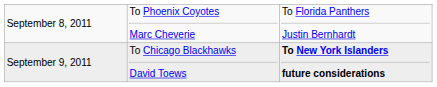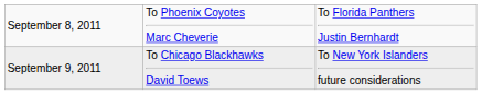 <table class="wikitable" style="border:1px solid #999; width:680px;">
 <tr>
 <td>September 8, 2011</td>
 <td valign="top">To <a href='#'>Phoenix Coyotes</a><hr><a href='#'>Marc Cheverie</a></td>
 <td valign="top">To <a href='#'>Florida Panthers</a><hr><a href='#'>Justin Bernhardt</a></td>
 </tr>
 <tr bgcolor="eeeeee">
 <td>September 9, 2011</td>
 <td valign="top">To <a href='#'>Chicago Blackhawks</a><hr><a href='#'>David Toews</a></td>
-<td valign="top"><strong>To <a href='#'>New York Islanders</a><hr>future considerations</strong></td>
+<td valign="top">To <a href='#'>New York Islanders</a><hr>future considerations</td>
 </tr>
 </table>
